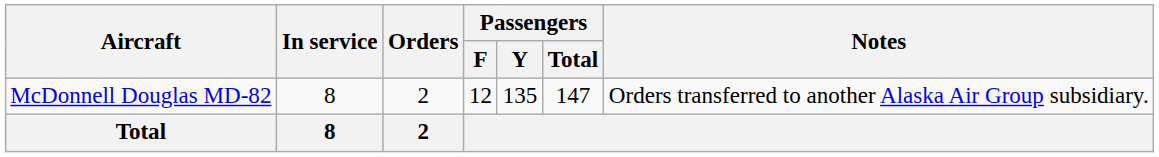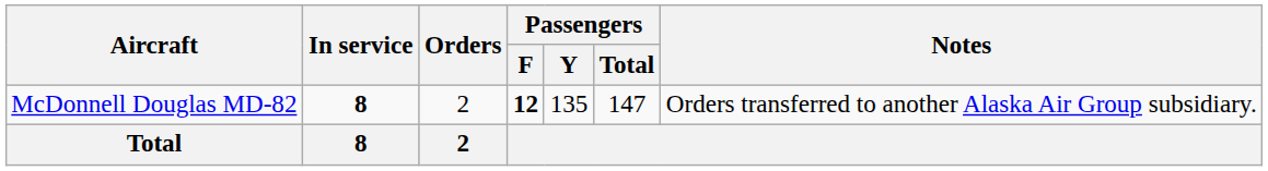 <table class="wikitable" style="margin:0.5em auto; text-align:center">
 <tr>
 <th rowspan=2>Aircraft</th>
 <th rowspan=2>In service</th>
 <th rowspan=2>Orders</th>
 <th colspan=3>Passengers</th>
 <th rowspan=2 class="unsortable">Notes</th>
 </tr>
 <tr>
 <th><abbr>F</abbr></th>
 <th><abbr>Y</abbr></th>
 <th>Total</th>
 </tr>
 <tr>
 <td><a href='#'>McDonnell Douglas MD-82</a></td>
-<td rowspan="1">8</td>
+<td rowspan="1"><strong>8</strong></td>
 <td rowspan="1">2</td>
-<td>12</td>
+<td><strong>12</strong></td>
 <td>135</td>
 <td>147</td>
 <td>Orders transferred to another <a href='#'>Alaska Air Group</a> subsidiary.</td>
 </tr>
 <tr>
 <th>Total</th>
 <th>8</th>
 <th>2</th>
 <th colspan=4></th>
 </tr>
 </table>
